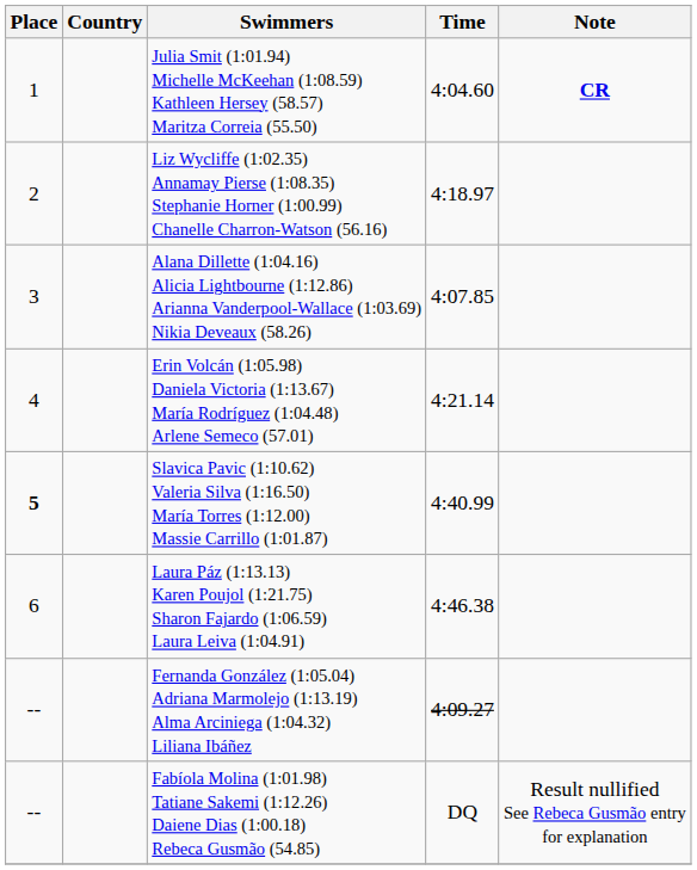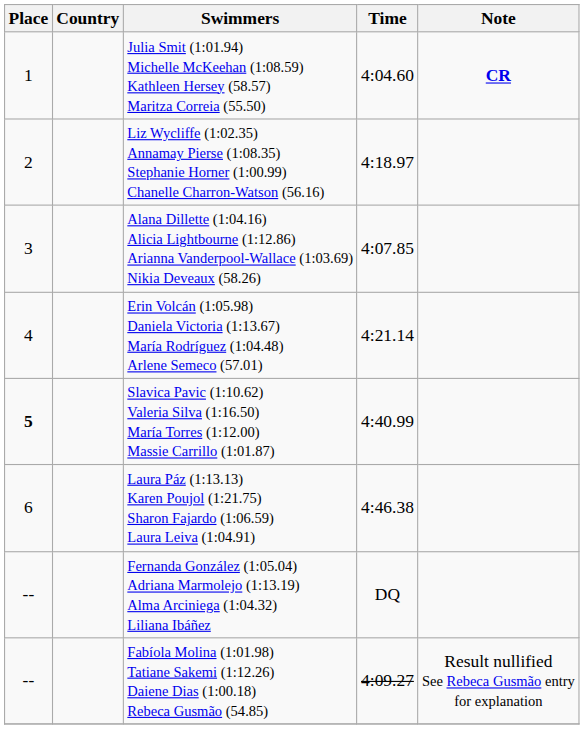 <table class="wikitable" style="text-align:center">
 <tr>
 <th>Place</th>
 <th>Country</th>
 <th>Swimmers</th>
 <th>Time</th>
 <th>Note</th>
 </tr>
 <tr>
 <td>1</td>
 <td align=left></td>
 <td align=left><small><a href='#'>Julia Smit</a> (1:01.94) <br><a href='#'>Michelle McKeehan</a> (1:08.59) <br><a href='#'>Kathleen Hersey</a> (58.57) <br> <a href='#'>Maritza Correia</a> (55.50)</small></td>
 <td>4:04.60</td>
 <td><strong><a href='#'>CR</a></strong></td>
 </tr>
 <tr>
 <td>2</td>
 <td align=left></td>
 <td align=left><small><a href='#'>Liz Wycliffe</a> (1:02.35) <br><a href='#'>Annamay Pierse</a> (1:08.35) <br><a href='#'>Stephanie Horner</a> (1:00.99) <br> <a href='#'>Chanelle Charron-Watson</a> (56.16)</small></td>
 <td>4:18.97</td>
 <td></td>
 </tr>
 <tr>
 <td>3</td>
 <td align=left></td>
 <td align=left><small><a href='#'>Alana Dillette</a> (1:04.16) <br><a href='#'>Alicia Lightbourne</a> (1:12.86) <br><a href='#'>Arianna Vanderpool-Wallace</a> (1:03.69) <br> <a href='#'>Nikia Deveaux</a> (58.26)</small></td>
 <td>4:07.85</td>
 <td></td>
 </tr>
 <tr>
 <td>4</td>
 <td align=left></td>
 <td align=left><small><a href='#'>Erin Volcán</a> (1:05.98) <br><a href='#'>Daniela Victoria</a> (1:13.67) <br><a href='#'>María Rodríguez</a> (1:04.48) <br> <a href='#'>Arlene Semeco</a> (57.01)</small></td>
 <td>4:21.14</td>
 <td></td>
 </tr>
 <tr>
 <td><strong>5</strong></td>
 <td align=left></td>
 <td align=left><small><a href='#'>Slavica Pavic</a> (1:10.62) <br><a href='#'>Valeria Silva</a> (1:16.50) <br><a href='#'>María Torres</a> (1:12.00) <br> <a href='#'>Massie Carrillo</a> (1:01.87)</small></td>
 <td>4:40.99</td>
 <td></td>
 </tr>
 <tr>
 <td>6</td>
 <td align=left></td>
 <td align=left><small><a href='#'>Laura Páz</a> (1:13.13) <br><a href='#'>Karen Poujol</a> (1:21.75) <br><a href='#'>Sharon Fajardo</a> (1:06.59) <br> <a href='#'>Laura Leiva</a> (1:04.91)</small></td>
 <td>4:46.38</td>
 <td></td>
 </tr>
 <tr>
 <td>--</td>
 <td align=left></td>
 <td align=left><small><a href='#'>Fernanda González</a> (1:05.04) <br><a href='#'>Adriana Marmolejo</a> (1:13.19) <br><a href='#'>Alma Arciniega</a> (1:04.32) <br> <a href='#'>Liliana Ibáñez</a></small></td>
-<td><s>4:09.27</s></td>
+<td>DQ</td>
 <td></td>
 </tr>
 <tr>
 <td>--</td>
 <td align=left></td>
 <td align=left><small><a href='#'>Fabíola Molina</a> (1:01.98) <br><a href='#'>Tatiane Sakemi</a> (1:12.26) <br><a href='#'>Daiene Dias</a> (1:00.18) <br> <a href='#'>Rebeca Gusmão</a> (54.85)</small></td>
-<td>DQ</td>
+<td><s>4:09.27</s></td>
 <td>Result nullified <br><small>See <a href='#'>Rebeca Gusmão</a> entry<br>for explanation</small></td>
 </tr>
 <tr>
 </tr>
 </table>
